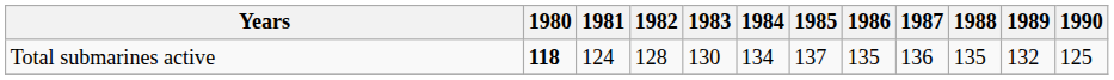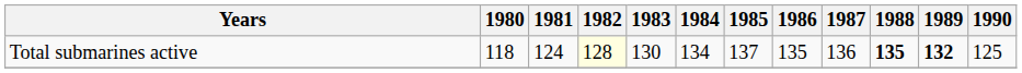 <table class="wikitable">
 <tr>
 <th style="width:47%;">Years</th>
 <th>1980</th>
 <th>1981</th>
 <th>1982</th>
 <th>1983</th>
 <th>1984</th>
 <th>1985</th>
 <th>1986</th>
 <th>1987</th>
 <th>1988</th>
 <th>1989</th>
 <th>1990</th>
 </tr>
 <tr valign="top">
 <td>Total submarines active</td>
-<td><strong>118</strong></td>
+<td>118</td>
 <td>124</td>
-<td>128</td>
+<td style="background: lightyellow;">128</td>
 <td>130</td>
 <td>134</td>
 <td>137</td>
 <td>135</td>
 <td>136</td>
-<td>135</td>
-<td>132</td>
+<td><strong>135</strong></td>
+<td><strong>132</strong></td>
 <td>125</td>
 </tr>
 <tr>
 </tr>
 </table>
